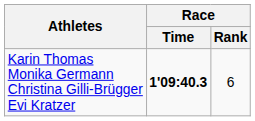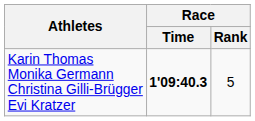 <table class="wikitable" border="1" style="font-size:90%">
 <tr>
 <th rowspan=2>Athletes</th>
 <th colspan=2>Race</th>
 </tr>
 <tr>
 <th>Time</th>
 <th>Rank</th>
 </tr>
 <tr>
 <td><a href='#'>Karin Thomas</a><br><a href='#'>Monika Germann</a><br><a href='#'>Christina Gilli-Brügger</a><br><a href='#'>Evi Kratzer</a></td>
 <td align=center><strong>1'09:40.3</strong></td>
-<td align=center>6</td>
+<td align=center>5</td>
 </tr>
 </table>
